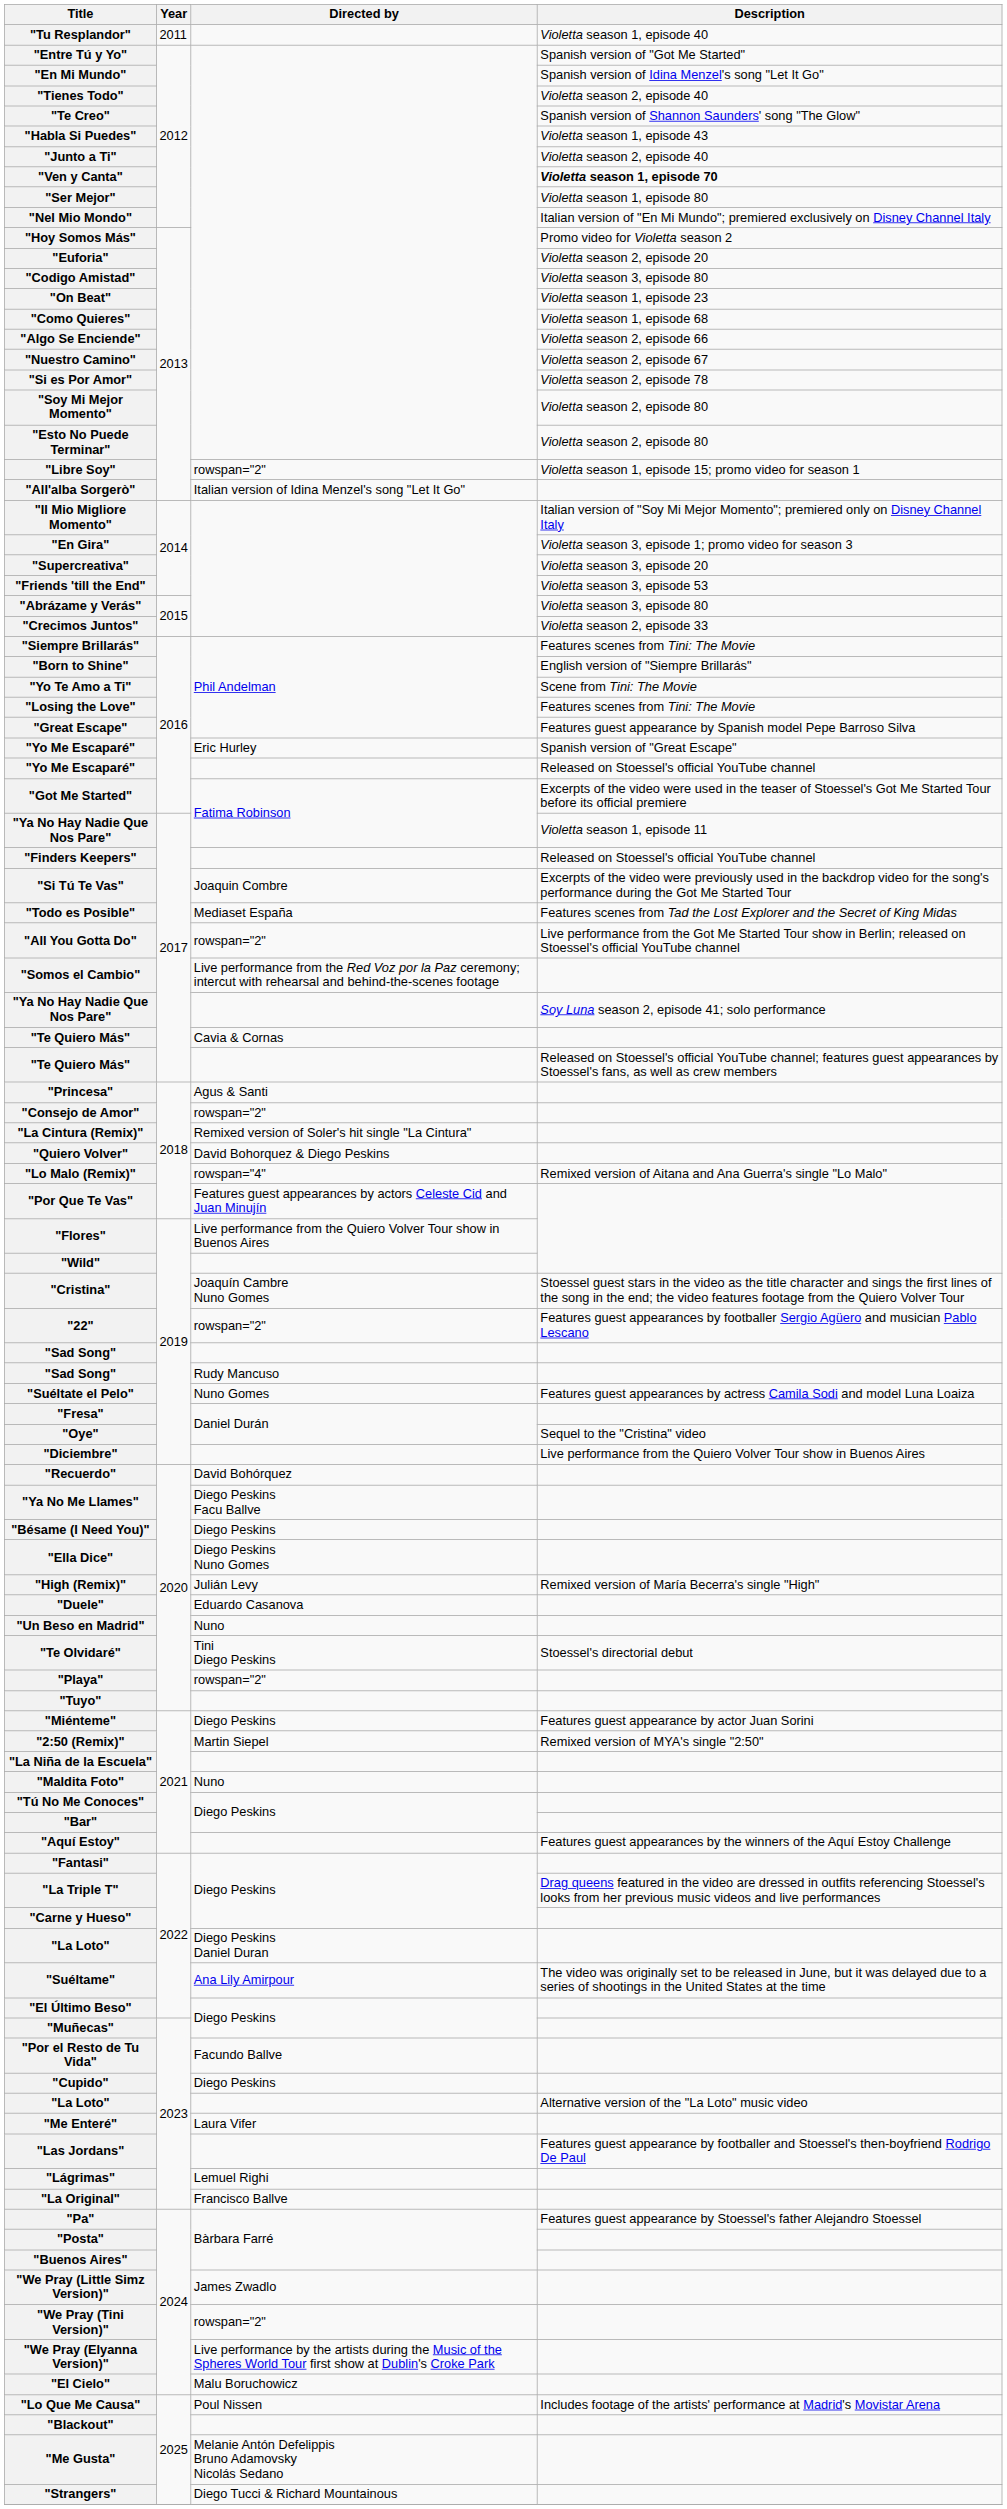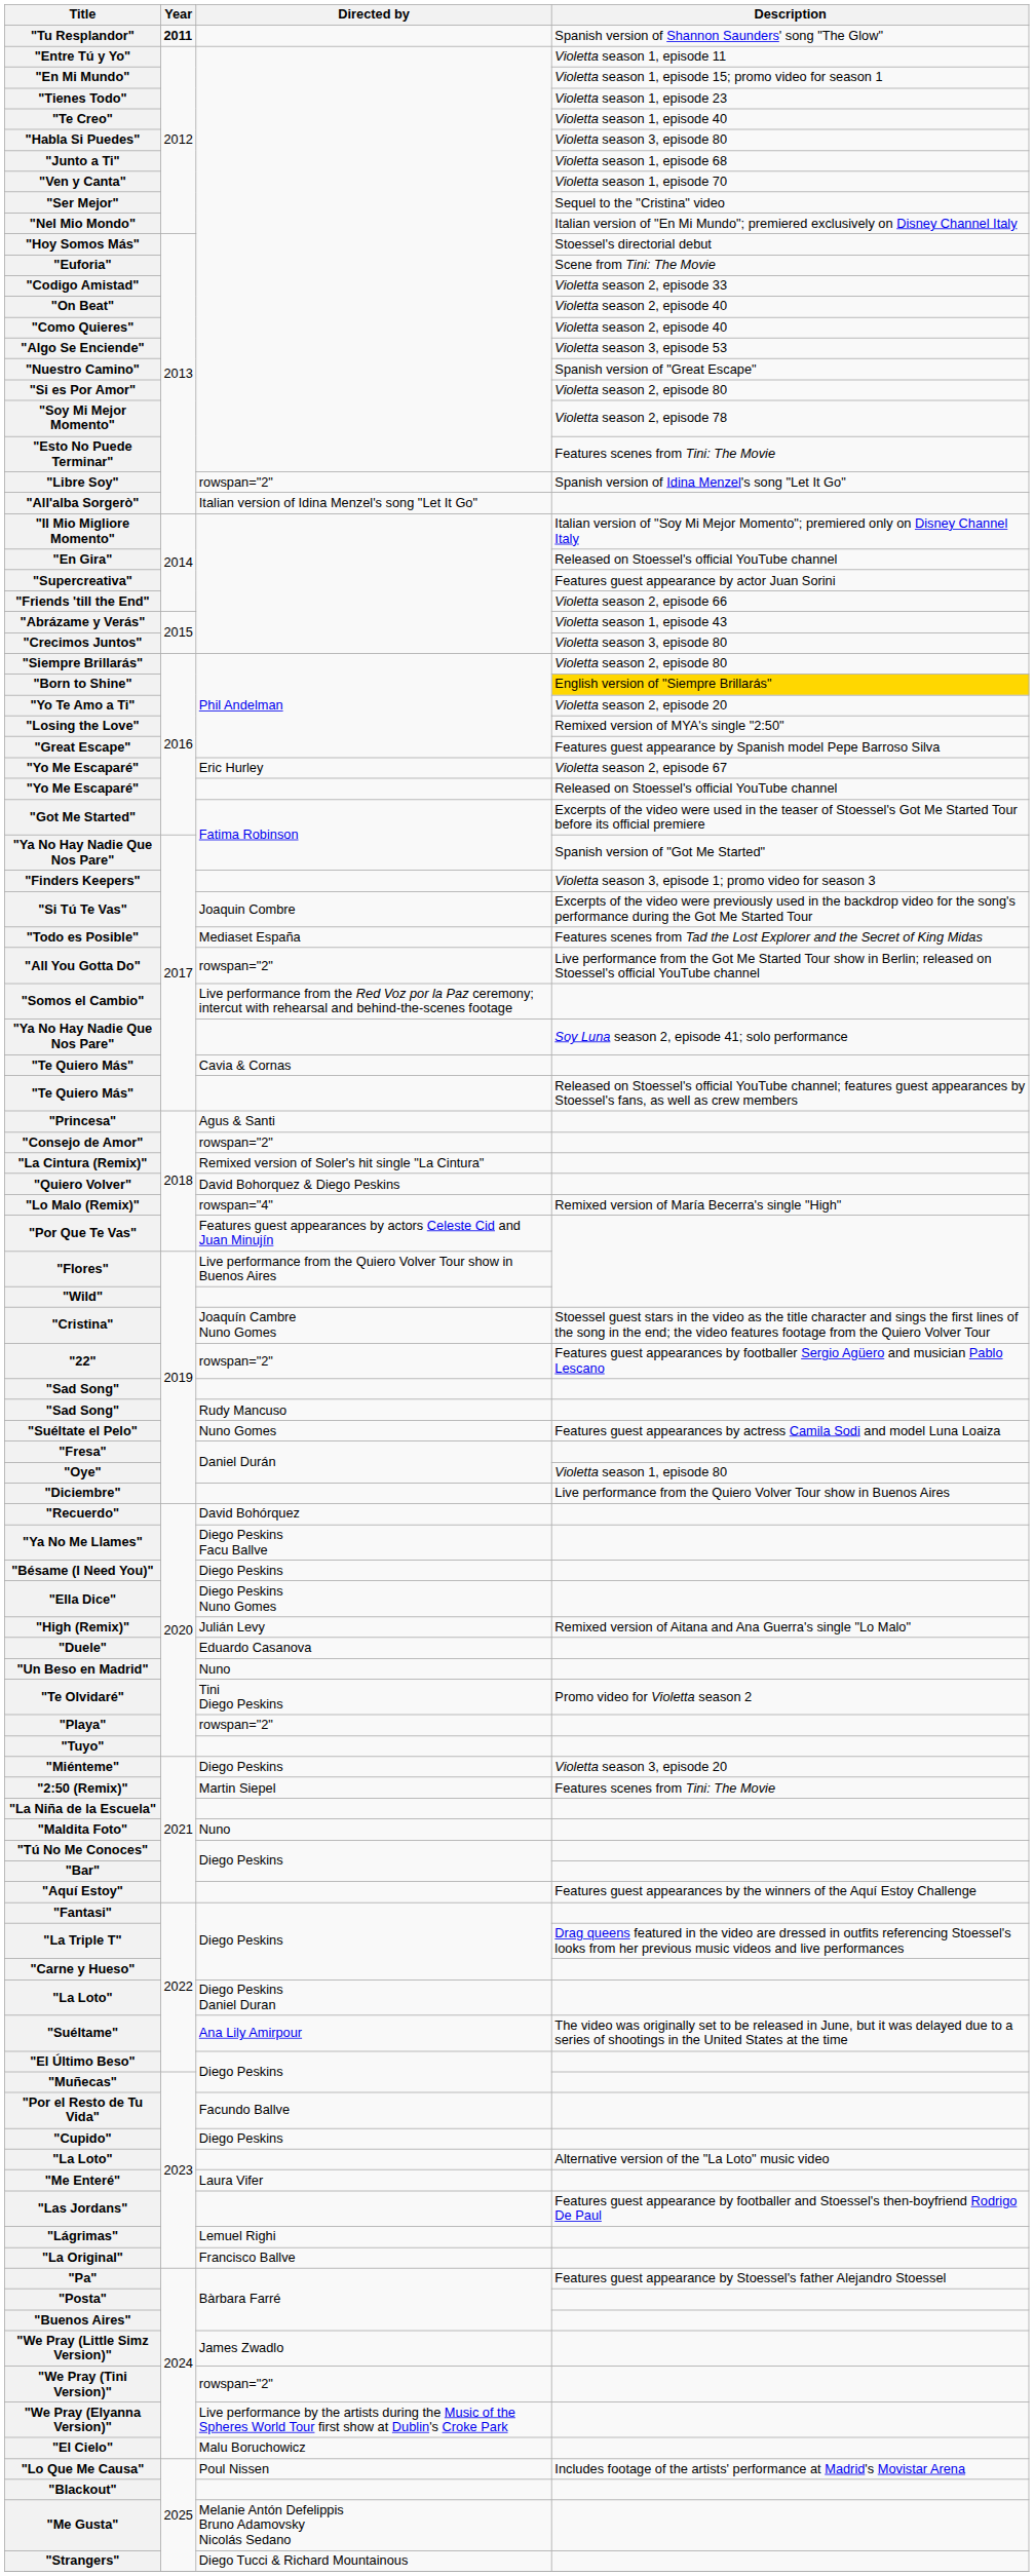 <table class="wikitable plainrowheaders">
 <tr>
 <th scope="col">Title</th>
 <th scope="col">Year</th>
 <th scope="col">Directed by</th>
 <th scope="col">Description</th>
 </tr>
 <tr>
 <th scope="row" ! scope="row">"Tu Resplandor"</th>
-<td>2011</td>
+<td><strong>2011</strong></td>
 <td></td>
-<td><em>Violetta</em> season 1, episode 40</td>
+<td>Spanish version of <a href='#'>Shannon Saunders</a>' song "The Glow"</td>
 </tr>
 <tr>
 <th scope="row" ! scope="row">"Entre Tú y Yo"<br></th>
 <td rowspan="9">2012</td>
 <td rowspan="19"></td>
-<td>Spanish version of "Got Me Started"</td>
+<td><em>Violetta</em> season 1, episode 11</td>
 </tr>
 <tr>
 <th scope="row">"En Mi Mundo"</th>
-<td>Spanish version of <a href='#'>Idina Menzel</a>'s song "Let It Go"</td>
+<td><em>Violetta</em> season 1, episode 15; promo video for season 1</td>
 </tr>
 <tr>
 <th scope="row">"Tienes Todo"<br></th>
-<td><em>Violetta</em> season 2, episode 40</td>
+<td><em>Violetta</em> season 1, episode 23</td>
 </tr>
 <tr>
 <th scope="row">"Te Creo"</th>
-<td>Spanish version of <a href='#'>Shannon Saunders</a>' song "The Glow"</td>
+<td><em>Violetta</em> season 1, episode 40</td>
 </tr>
 <tr>
 <th scope="row">"Habla Si Puedes"</th>
-<td><em>Violetta</em> season 1, episode 43</td>
+<td><em>Violetta</em> season 3, episode 80</td>
 </tr>
 <tr>
 <th scope="row">"Junto a Ti"<br></th>
-<td><em>Violetta</em> season 2, episode 40</td>
+<td><em>Violetta</em> season 1, episode 68</td>
 </tr>
 <tr>
 <th scope="row">"Ven y Canta"<br></th>
-<td><strong><em>Violetta</em> season 1, episode 70</strong></td>
+<td><em>Violetta</em> season 1, episode 70</td>
 </tr>
 <tr>
 <th scope="row">"Ser Mejor"<br></th>
-<td><em>Violetta</em> season 1, episode 80</td>
+<td>Sequel to the "Cristina" video</td>
 </tr>
 <tr>
 <th scope="row">"Nel Mio Mondo"</th>
 <td>Italian version of "En Mi Mundo"; premiered exclusively on <a href='#'>Disney Channel Italy</a></td>
 </tr>
 <tr>
 <th scope="row">"Hoy Somos Más"</th>
 <td rowspan="12">2013</td>
-<td>Promo video for <em>Violetta</em> season 2</td>
+<td>Stoessel's directorial debut</td>
 </tr>
 <tr>
 <th scope="row">"Euforia"<br></th>
-<td><em>Violetta</em> season 2, episode 20</td>
+<td>Scene from <em>Tini: The Movie</em></td>
 </tr>
 <tr>
 <th scope="row">"Codigo Amistad"<br></th>
-<td><em>Violetta</em> season 3, episode 80</td>
+<td><em>Violetta</em> season 2, episode 33</td>
 </tr>
 <tr>
 <th scope="row">"On Beat"<br></th>
-<td><em>Violetta</em> season 1, episode 23</td>
+<td><em>Violetta</em> season 2, episode 40</td>
 </tr>
 <tr>
 <th scope="row">"Como Quieres"</th>
-<td><em>Violetta</em> season 1, episode 68</td>
+<td><em>Violetta</em> season 2, episode 40</td>
 </tr>
 <tr>
 <th scope="row">"Algo Se Enciende"<br></th>
-<td><em>Violetta</em> season 2, episode 66</td>
+<td><em>Violetta</em> season 3, episode 53</td>
 </tr>
 <tr>
 <th scope="row">"Nuestro Camino"<br></th>
-<td><em>Violetta</em> season 2, episode 67</td>
+<td>Spanish version of "Great Escape"</td>
 </tr>
 <tr>
 <th scope="row">"Si es Por Amor"<br></th>
+<td><em>Violetta</em> season 2, episode 80</td>
+</tr>
+<tr>
+<th scope="row">"Soy Mi Mejor Momento"</th>
 <td><em>Violetta</em> season 2, episode 78</td>
 </tr>
 <tr>
-<th scope="row">"Soy Mi Mejor Momento"</th>
-<td><em>Violetta</em> season 2, episode 80</td>
-</tr>
-<tr>
 <th scope="row">"Esto No Puede Terminar"<br></th>
-<td><em>Violetta</em> season 2, episode 80</td>
+<td>Features scenes from <em>Tini: The Movie</em></td>
 </tr>
 <tr>
 <th scope="row">"Libre Soy"</th>
 <td>rowspan="2" </td>
-<td><em>Violetta</em> season 1, episode 15; promo video for season 1</td>
+<td>Spanish version of <a href='#'>Idina Menzel</a>'s song "Let It Go"</td>
 </tr>
 <tr>
 <th scope="row">"All'alba Sorgerò"</th>
 <td>Italian version of Idina Menzel's song "Let It Go"</td>
 </tr>
 <tr>
 <th scope="row">"Il Mio Migliore Momento"</th>
 <td rowspan="4">2014</td>
 <td rowspan="6"></td>
 <td>Italian version of "Soy Mi Mejor Momento"; premiered only on <a href='#'>Disney Channel Italy</a></td>
 </tr>
 <tr>
 <th scope="row">"En Gira"<br></th>
-<td><em>Violetta</em> season 3, episode 1; promo video for season 3</td>
+<td>Released on Stoessel's official YouTube channel</td>
 </tr>
 <tr>
 <th scope="row">"Supercreativa"</th>
-<td><em>Violetta</em> season 3, episode 20</td>
+<td>Features guest appearance by actor Juan Sorini</td>
 </tr>
 <tr>
 <th scope="row">"Friends 'till the End"<br></th>
-<td><em>Violetta</em> season 3, episode 53</td>
+<td><em>Violetta</em> season 2, episode 66</td>
 </tr>
 <tr>
 <th scope="row">"Abrázame y Verás"<br></th>
 <td rowspan="2">2015</td>
-<td><em>Violetta</em> season 3, episode 80</td>
+<td><em>Violetta</em> season 1, episode 43</td>
 </tr>
 <tr>
 <th scope="row">"Crecimos Juntos"<br></th>
-<td><em>Violetta</em> season 2, episode 33</td>
+<td><em>Violetta</em> season 3, episode 80</td>
 </tr>
 <tr>
 <th scope="row">"Siempre Brillarás"</th>
 <td rowspan="8">2016</td>
 <td rowspan="5"><a href='#'>Phil Andelman</a></td>
-<td>Features scenes from <em>Tini: The Movie</em></td>
+<td><em>Violetta</em> season 2, episode 80</td>
 </tr>
 <tr>
 <th scope="row">"Born to Shine"</th>
-<td>English version of "Siempre Brillarás"</td>
+<td style="background: gold;">English version of "Siempre Brillarás"</td>
 </tr>
 <tr>
 <th scope="row">"Yo Te Amo a Ti"<br></th>
-<td>Scene from <em>Tini: The Movie</em></td>
+<td><em>Violetta</em> season 2, episode 20</td>
 </tr>
 <tr>
 <th scope="row">"Losing the Love"</th>
-<td>Features scenes from <em>Tini: The Movie</em></td>
+<td>Remixed version of MYA's single "2:50"</td>
 </tr>
 <tr>
 <th scope="row">"Great Escape"</th>
 <td>Features guest appearance by Spanish model Pepe Barroso Silva</td>
 </tr>
 <tr>
 <th scope="row">"Yo Me Escaparé" </th>
 <td>Eric Hurley</td>
-<td>Spanish version of "Great Escape"</td>
+<td><em>Violetta</em> season 2, episode 67</td>
 </tr>
 <tr>
 <th scope="row">"Yo Me Escaparé" </th>
 <td></td>
 <td>Released on Stoessel's official YouTube channel</td>
 </tr>
 <tr>
 <th scope="row">"Got Me Started"</th>
 <td rowspan="2"><a href='#'>Fatima Robinson</a></td>
 <td>Excerpts of the video were used in the teaser of Stoessel's Got Me Started Tour before its official premiere</td>
 </tr>
 <tr>
 <th scope="row">"Ya No Hay Nadie Que Nos Pare"<br></th>
 <td rowspan="9">2017</td>
-<td><em>Violetta</em> season 1, episode 11</td>
+<td>Spanish version of "Got Me Started"</td>
 </tr>
 <tr>
 <th scope="row">"Finders Keepers" </th>
 <td></td>
-<td>Released on Stoessel's official YouTube channel</td>
+<td><em>Violetta</em> season 3, episode 1; promo video for season 3</td>
 </tr>
 <tr>
 <th scope="row">"Si Tú Te Vas"</th>
 <td>Joaquin Combre</td>
 <td>Excerpts of the video were previously used in the backdrop video for the song's performance during the Got Me Started Tour</td>
 </tr>
 <tr>
 <th scope="row">"Todo es Posible"<br></th>
 <td>Mediaset España</td>
 <td>Features scenes from <em>Tad the Lost Explorer and the Secret of King Midas</em></td>
 </tr>
 <tr>
 <th scope="row">"All You Gotta Do" </th>
 <td>rowspan="2" </td>
 <td>Live performance from the Got Me Started Tour show in Berlin; released on Stoessel's official YouTube channel</td>
 </tr>
 <tr>
 <th scope="row">"Somos el Cambio"<br></th>
 <td>Live performance from the <em>Red Voz por la Paz</em> ceremony; intercut with rehearsal and behind-the-scenes footage</td>
 </tr>
 <tr>
 <th scope="row">"Ya No Hay Nadie Que Nos Pare"</th>
 <td></td>
 <td><em><a href='#'>Soy Luna</a></em> season 2, episode 41; solo performance</td>
 </tr>
 <tr>
 <th scope="row">"Te Quiero Más"<br></th>
 <td>Cavia & Cornas</td>
 <td></td>
 </tr>
 <tr>
 <th scope="row">"Te Quiero Más" <br></th>
 <td></td>
 <td>Released on Stoessel's official YouTube channel; features guest appearances by Stoessel's fans, as well as crew members</td>
 </tr>
 <tr>
 <th scope="row">"Princesa"<br></th>
 <td rowspan="6">2018</td>
 <td>Agus & Santi</td>
 <td></td>
 </tr>
 <tr>
 <th scope="row">"Consejo de Amor"<br></th>
 <td>rowspan="2" </td>
 <td></td>
 </tr>
 <tr>
 <th scope="row">"La Cintura (Remix)"<br></th>
 <td>Remixed version of Soler's hit single "La Cintura"</td>
 </tr>
 <tr>
 <th scope="row">"Quiero Volver"<br></th>
 <td>David Bohorquez & Diego Peskins</td>
 <td></td>
 </tr>
 <tr>
 <th scope="row">"Lo Malo (Remix)"<br></th>
 <td>rowspan="4" </td>
-<td>Remixed version of Aitana and Ana Guerra's single "Lo Malo"</td>
+<td>Remixed version of María Becerra's single "High"</td>
 </tr>
 <tr>
 <th scope="row">"Por Que Te Vas"<br></th>
 <td>Features guest appearances by actors <a href='#'>Celeste Cid</a> and <a href='#'>Juan Minujín</a></td>
 </tr>
 <tr>
 <th scope="row">"Flores" </th>
 <td rowspan="10">2019</td>
 <td>Live performance from the Quiero Volver Tour show in Buenos Aires</td>
 </tr>
 <tr>
 <th scope="row">"Wild"<br></th>
 <td></td>
 </tr>
 <tr>
 <th scope="row">"Cristina"<br></th>
 <td>Joaquín Cambre<br>Nuno Gomes</td>
 <td>Stoessel guest stars in the video as the title character and sings the first lines of the song in the end; the video features footage from the Quiero Volver Tour</td>
 </tr>
 <tr>
 <th scope="row">"22"<br></th>
 <td>rowspan="2" </td>
 <td>Features guest appearances by footballer <a href='#'>Sergio Agüero</a> and musician <a href='#'>Pablo Lescano</a></td>
 </tr>
 <tr>
 <th scope="row">"Sad Song" <br></th>
 <td></td>
 </tr>
 <tr>
 <th scope="row">"Sad Song"<br></th>
 <td>Rudy Mancuso</td>
 <td></td>
 </tr>
 <tr>
 <th scope="row">"Suéltate el Pelo"</th>
 <td>Nuno Gomes</td>
 <td>Features guest appearances by actress <a href='#'>Camila Sodi</a> and model Luna Loaiza</td>
 </tr>
 <tr>
 <th scope="row">"Fresa"<br></th>
 <td rowspan="2">Daniel Durán</td>
 <td></td>
 </tr>
 <tr>
 <th scope="row">"Oye"<br></th>
-<td>Sequel to the "Cristina" video</td>
+<td><em>Violetta</em> season 1, episode 80</td>
 </tr>
 <tr>
 <th scope="row">"Diciembre" </th>
 <td></td>
 <td>Live performance from the Quiero Volver Tour show in Buenos Aires</td>
 </tr>
 <tr>
 <th scope="row">"Recuerdo"<br></th>
 <td rowspan="10">2020</td>
 <td>David Bohórquez</td>
 <td></td>
 </tr>
 <tr>
 <th scope="row">"Ya No Me Llames"<br></th>
 <td>Diego Peskins<br>Facu Ballve</td>
 <td></td>
 </tr>
 <tr>
 <th scope="row">"Bésame (I Need You)"<br></th>
 <td>Diego Peskins</td>
 <td></td>
 </tr>
 <tr>
 <th scope="row">"Ella Dice"<br></th>
 <td>Diego Peskins<br>Nuno Gomes</td>
 <td></td>
 </tr>
 <tr>
 <th scope="row">"High (Remix)"<br></th>
 <td>Julián Levy</td>
-<td>Remixed version of María Becerra's single "High"</td>
+<td>Remixed version of Aitana and Ana Guerra's single "Lo Malo"</td>
 </tr>
 <tr>
 <th scope="row">"Duele"<br></th>
 <td>Eduardo Casanova</td>
 <td></td>
 </tr>
 <tr>
 <th scope="row">"Un Beso en Madrid"<br></th>
 <td>Nuno</td>
 <td></td>
 </tr>
 <tr>
 <th scope="row">"Te Olvidaré"</th>
 <td>Tini<br>Diego Peskins</td>
-<td>Stoessel's directorial debut</td>
+<td>Promo video for <em>Violetta</em> season 2</td>
 </tr>
 <tr>
 <th scope="row">"Playa" </th>
 <td>rowspan="2" </td>
 <td></td>
 </tr>
 <tr>
 <th scope="row">"Tuyo" </th>
 <td></td>
 </tr>
 <tr>
 <th scope="row">"Miénteme"<br></th>
 <td rowspan="7">2021</td>
 <td>Diego Peskins</td>
-<td>Features guest appearance by actor Juan Sorini</td>
+<td><em>Violetta</em> season 3, episode 20</td>
 </tr>
 <tr>
 <th scope="row">"2:50 (Remix)"<br></th>
 <td>Martin Siepel</td>
-<td>Remixed version of MYA's single "2:50"</td>
+<td>Features scenes from <em>Tini: The Movie</em></td>
 </tr>
 <tr>
 <th scope="row">"La Niña de la Escuela"<br></th>
 <td></td>
 <td></td>
 </tr>
 <tr>
 <th scope="row">"Maldita Foto"<br></th>
 <td>Nuno</td>
 <td></td>
 </tr>
 <tr>
 <th scope="row">"Tú No Me Conoces"<br></th>
 <td rowspan="2">Diego Peskins</td>
 <td></td>
 </tr>
 <tr>
 <th scope="row">"Bar"<br></th>
 <td></td>
 </tr>
 <tr>
 <th scope="row">"Aquí Estoy"</th>
 <td></td>
 <td>Features guest appearances by the winners of the Aquí Estoy Challenge</td>
 </tr>
 <tr>
 <th scope="row">"Fantasi"<br></th>
 <td rowspan="6">2022</td>
 <td rowspan="3">Diego Peskins</td>
 <td></td>
 </tr>
 <tr>
 <th scope="row">"La Triple T"</th>
 <td><a href='#'>Drag queens</a> featured in the video are dressed in outfits referencing Stoessel's looks from her previous music videos and live performances</td>
 </tr>
 <tr>
 <th scope="row">"Carne y Hueso"</th>
 <td></td>
 </tr>
 <tr>
 <th scope="row">"La Loto"<br></th>
 <td>Diego Peskins<br>Daniel Duran</td>
 <td></td>
 </tr>
 <tr>
 <th scope="row">"Suéltame"<br></th>
 <td><a href='#'>Ana Lily Amirpour</a></td>
 <td>The video was originally set to be released in June, but it was delayed due to a series of shootings in the United States at the time</td>
 </tr>
 <tr>
 <th scope="row">"El Último Beso"<br></th>
 <td rowspan="2">Diego Peskins</td>
 <td></td>
 </tr>
 <tr>
 <th scope="row">"Muñecas"<br></th>
 <td rowspan="8">2023</td>
 <td></td>
 </tr>
 <tr>
 <th scope="row">"Por el Resto de Tu Vida"<br></th>
 <td>Facundo Ballve</td>
 <td></td>
 </tr>
 <tr>
 <th scope="row">"Cupido"</th>
 <td>Diego Peskins</td>
 <td></td>
 </tr>
 <tr>
 <th scope="row">"La Loto" <br></th>
 <td></td>
 <td>Alternative version of the "La Loto" music video</td>
 </tr>
 <tr>
 <th scope="row">"Me Enteré"<br></th>
 <td>Laura Vifer</td>
 <td></td>
 </tr>
 <tr>
 <th scope="row">"Las Jordans"</th>
 <td></td>
 <td>Features guest appearance by footballer and Stoessel's then-boyfriend <a href='#'>Rodrigo De Paul</a></td>
 </tr>
 <tr>
 <th scope="row">"Lágrimas"<br></th>
 <td>Lemuel Righi</td>
 <td></td>
 </tr>
 <tr>
 <th scope="row">"La Original"<br></th>
 <td>Francisco Ballve</td>
 <td></td>
 </tr>
 <tr>
 <th scope="row">"Pa"</th>
 <td rowspan="7">2024</td>
 <td rowspan="3">Bàrbara Farré</td>
 <td>Features guest appearance by Stoessel's father Alejandro Stoessel</td>
 </tr>
 <tr>
 <th scope="row">"Posta"</th>
 <td></td>
 </tr>
 <tr>
 <th scope="row">"Buenos Aires"</th>
 <td></td>
 </tr>
 <tr>
 <th scope="row">"We Pray (Little Simz Version)"<br></th>
 <td>James Zwadlo</td>
 <td></td>
 </tr>
 <tr>
 <th scope="row">"We Pray (Tini Version)"<br></th>
 <td>rowspan="2" </td>
 <td></td>
 </tr>
 <tr>
 <th scope="row">"We Pray (Elyanna Version)"<br></th>
 <td>Live performance by the artists during the <a href='#'>Music of the Spheres World Tour</a> first show at <a href='#'>Dublin</a>'s <a href='#'>Croke Park</a></td>
 </tr>
 <tr>
 <th scope="row">"El Cielo"</th>
 <td>Malu Boruchowicz</td>
 <td></td>
 </tr>
 <tr>
 <th scope="row">"Lo Que Me Causa"<br></th>
 <td rowspan="4">2025</td>
 <td>Poul Nissen</td>
 <td>Includes footage of the artists' performance at <a href='#'>Madrid</a>'s <a href='#'>Movistar Arena</a></td>
 </tr>
 <tr>
 <th scope="row">"Blackout"<br></th>
 <td></td>
 <td></td>
 </tr>
 <tr>
 <th scope="row">"Me Gusta"<br></th>
 <td>Melanie Antón Defelippis<br>Bruno Adamovsky<br>Nicolás Sedano</td>
 <td></td>
 </tr>
 <tr>
 <th scope="row">"Strangers"<br></th>
 <td>Diego Tucci & Richard Mountainous</td>
 <td></td>
 </tr>
 <tr>
 </tr>
 </table>
